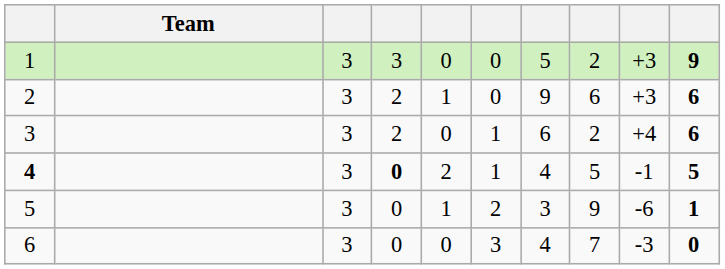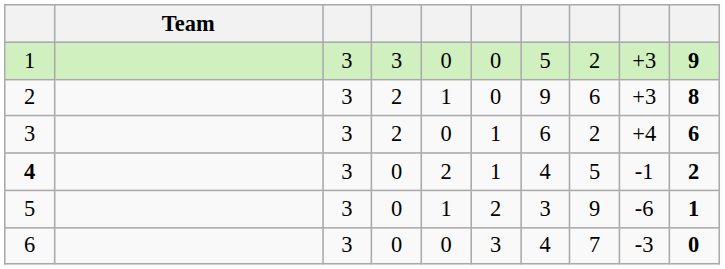 <table class="wikitable" style="text-align: center; font-size: 90%;">
 <tr>
 <th width=25></th>
 <th width=165>Team</th>
 <th width=25></th>
 <th width=25></th>
 <th width=25></th>
 <th width=25></th>
 <th width=25></th>
 <th width=25></th>
 <th width=25></th>
 <th width=25></th>
 </tr>
 <tr bgcolor=#d0f0c0>
 <td>1</td>
 <td align="left"></td>
 <td>3</td>
 <td>3</td>
 <td>0</td>
 <td>0</td>
 <td>5</td>
 <td>2</td>
 <td>+3</td>
 <td><strong>9</strong></td>
 </tr>
 <tr>
 <td>2</td>
 <td align="left"></td>
 <td>3</td>
 <td>2</td>
 <td>1</td>
 <td>0</td>
 <td>9</td>
 <td>6</td>
 <td>+3</td>
-<td><strong>6</strong></td>
+<td><strong>8</strong></td>
 </tr>
 <tr>
 <td>3</td>
 <td align="left"></td>
 <td>3</td>
 <td>2</td>
 <td>0</td>
 <td>1</td>
 <td>6</td>
 <td>2</td>
 <td>+4</td>
 <td><strong>6</strong></td>
 </tr>
 <tr>
 <td><strong>4</strong></td>
 <td align="left"></td>
 <td>3</td>
-<td><strong>0</strong></td>
+<td>0</td>
 <td>2</td>
 <td>1</td>
 <td>4</td>
 <td>5</td>
 <td>-1</td>
-<td><strong>5</strong></td>
+<td><strong>2</strong></td>
 </tr>
 <tr>
 <td>5</td>
 <td align="left"></td>
 <td>3</td>
 <td>0</td>
 <td>1</td>
 <td>2</td>
 <td>3</td>
 <td>9</td>
 <td>-6</td>
 <td><strong>1</strong></td>
 </tr>
 <tr>
 <td>6</td>
 <td align="left"></td>
 <td>3</td>
 <td>0</td>
 <td>0</td>
 <td>3</td>
 <td>4</td>
 <td>7</td>
 <td>-3</td>
 <td><strong>0</strong></td>
 </tr>
 </table>
